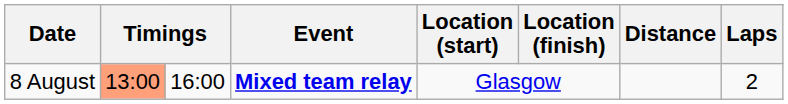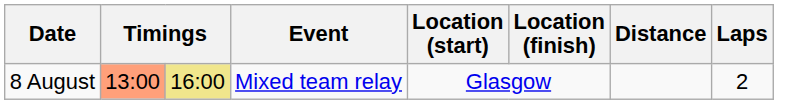 <table class="wikitable" style="text-align: center">
 <tr>
 <th>Date</th>
 <th colspan=2>Timings</th>
 <th>Event</th>
 <th>Location<br>(start)</th>
 <th>Location<br>(finish)</th>
 <th>Distance</th>
 <th>Laps</th>
 </tr>
 <tr>
 <td>8 August</td>
 <td style="background: lightsalmon;">13:00</td>
-<td>16:00</td>
-<td><strong><a href='#'>Mixed team relay</a></strong></td>
+<td style="background: khaki;">16:00</td>
+<td><a href='#'>Mixed team relay</a></td>
 <td colspan=2><a href='#'>Glasgow</a></td>
 <td></td>
 <td>2</td>
 </tr>
 </table>
